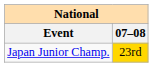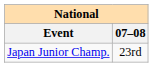 <table class="wikitable" style="text-align:center">
 <tr>
 <th colspan="2" style="background-color: #ffdead; " align="center">National</th>
 </tr>
 <tr>
 <th>Event</th>
 <th>07–08</th>
 </tr>
 <tr>
 <td align="left"><a href='#'>Japan Junior Champ.</a></td>
-<td style="background: gold;">23rd</td>
+<td>23rd</td>
 </tr>
 </table>
